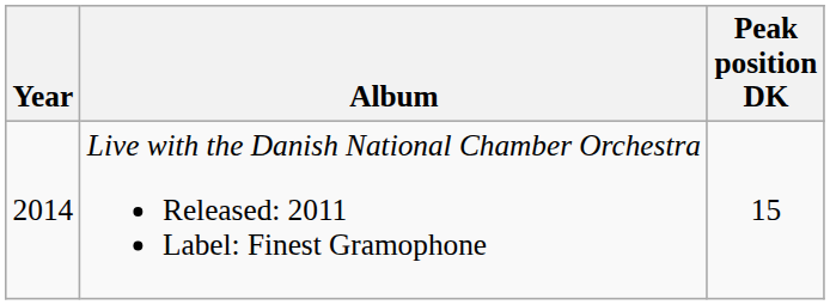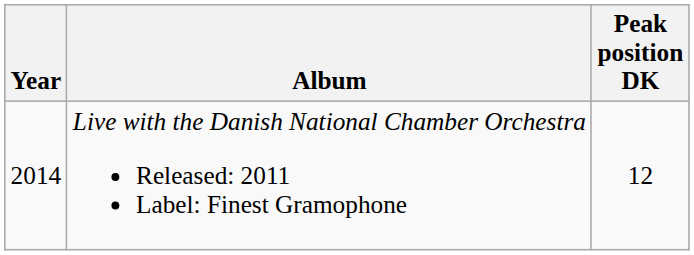 <table class="wikitable" style="text-align:center">
 <tr>
 <th style="vertical-align:bottom;">Year</th>
 <th style="vertical-align:bottom;">Album</th>
 <th>Peak <br>position <br>DK <br></th>
 </tr>
 <tr>
 <td style="text-align:center;">2014</td>
 <td align="left"><em>Live with the Danish National Chamber Orchestra</em><br><ul><li>Released: 2011</li><li>Label: Finest Gramophone</li></ul></td>
-<td style="text-align:center;">15</td>
+<td style="text-align:center;">12</td>
 </tr>
 </table>
